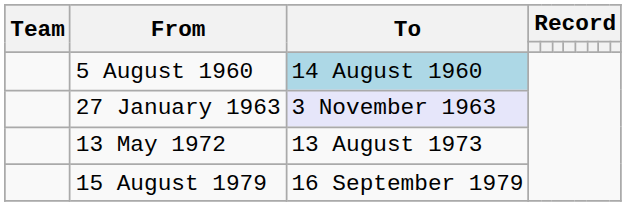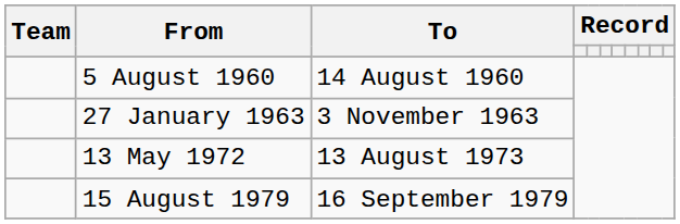 <table class="wikitable" style="text-align: center">
 <tr>
 <th rowspan="2">Team</th>
 <th rowspan="2">From</th>
 <th rowspan="2">To</th>
 <th colspan="8">Record</th>
 </tr>
 <tr>
 <th></th>
 <th></th>
 <th></th>
 <th></th>
 <th></th>
 <th></th>
 <th></th>
 <th></th>
 </tr>
 <tr>
 <td align=left></td>
 <td align=left>5 August 1960</td>
-<td align=left style="background: lightblue;">14 August 1960<br></td>
+<td align=left>14 August 1960<br></td>
 </tr>
 <tr>
 <td align=left></td>
 <td align=left>27 January 1963</td>
-<td align=left style="background: lavender;">3 November 1963<br></td>
+<td align=left>3 November 1963<br></td>
 </tr>
 <tr>
 <td align=left></td>
 <td align=left>13 May 1972</td>
 <td align=left>13 August 1973<br></td>
 </tr>
 <tr>
 <td align=left></td>
 <td align=left>15 August 1979</td>
 <td align=left>16 September 1979<br></td>
 </tr>
 </table>
